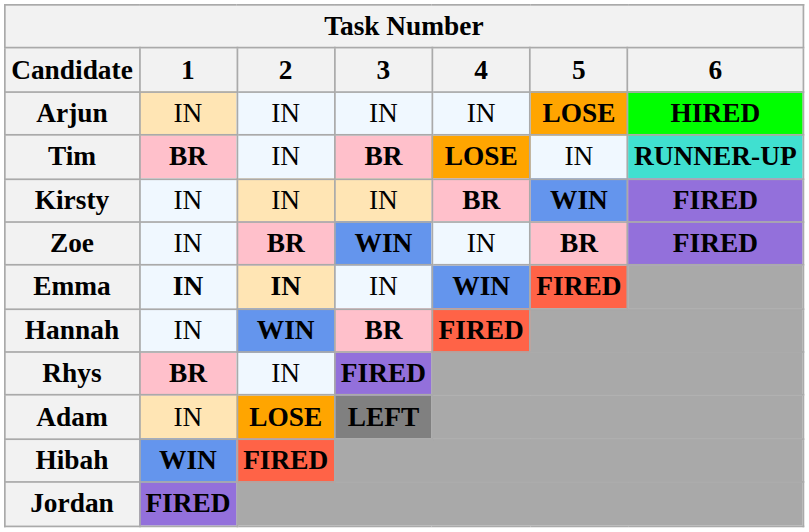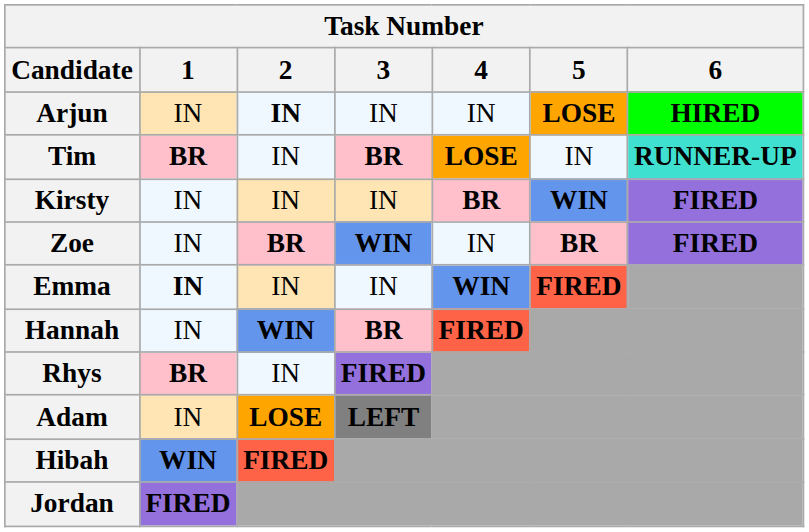 <table class="wikitable" style="text-align:center">
 <tr>
 <th colspan="14">Task Number</th>
 </tr>
 <tr>
 <th>Candidate</th>
 <th>1</th>
 <th>2</th>
 <th>3</th>
 <th>4</th>
 <th>5</th>
 <th>6</th>
 </tr>
 <tr>
 <th>Arjun</th>
 <td bgcolor="#FFE5B4">IN</td>
-<td bgcolor="#F0F8FF">IN</td>
+<td bgcolor="#F0F8FF"><strong>IN</strong></td>
 <td bgcolor="#F0F8FF">IN</td>
 <td bgcolor="#F0F8FF">IN</td>
 <td bgcolor="orange"><strong>LOSE</strong></td>
 <td bgcolor="lime"><strong>HIRED</strong></td>
 </tr>
 <tr>
 <th>Tim</th>
 <td bgcolor="pink"><strong>BR</strong></td>
 <td bgcolor="#F0F8FF">IN</td>
 <td bgcolor="pink"><strong>BR</strong></td>
 <td bgcolor="orange"><strong>LOSE</strong></td>
 <td bgcolor="#F0F8FF">IN</td>
 <td bgcolor="turquoise"><strong>RUNNER-UP</strong></td>
 </tr>
 <tr>
 <th>Kirsty</th>
 <td bgcolor="#F0F8FF">IN</td>
 <td bgcolor="#FFE5B4">IN</td>
 <td bgcolor="#FFE5B4">IN</td>
 <td bgcolor="pink"><strong>BR</strong></td>
 <td bgcolor="cornflowerblue"><strong>WIN</strong></td>
 <td bgcolor="#9370DB"><strong>FIRED</strong></td>
 </tr>
 <tr>
 <th>Zoe</th>
 <td bgcolor="#F0F8FF">IN</td>
 <td bgcolor="pink"><strong>BR</strong></td>
 <td bgcolor="cornflowerblue"><strong>WIN</strong></td>
 <td bgcolor="#F0F8FF">IN</td>
 <td bgcolor="pink"><strong>BR</strong></td>
 <td bgcolor="#9370DB"><strong>FIRED</strong></td>
 </tr>
 <tr>
 <th>Emma</th>
 <td bgcolor="#F0F8FF"><strong>IN</strong></td>
-<td bgcolor="#FFE5B4"><strong>IN</strong></td>
+<td bgcolor="#FFE5B4">IN</td>
 <td bgcolor="#F0F8FF">IN</td>
 <td bgcolor="cornflowerblue"><strong>WIN</strong></td>
 <td bgcolor="tomato"><strong>FIRED</strong></td>
 <td colspan="1" bgcolor=darkgray></td>
 </tr>
 <tr>
 <th>Hannah</th>
 <td bgcolor="#F0F8FF">IN</td>
 <td bgcolor="cornflowerblue"><strong>WIN</strong></td>
 <td bgcolor="pink"><strong>BR</strong></td>
 <td bgcolor="tomato"><strong>FIRED</strong></td>
 <td colspan="2" bgcolor="darkgray"></td>
 </tr>
 <tr>
 <th>Rhys</th>
 <td bgcolor="pink"><strong>BR</strong></td>
 <td bgcolor="#F0F8FF">IN</td>
 <td bgcolor="#9370DB"><strong>FIRED</strong></td>
 <td colspan="3" bgcolor="darkgray"></td>
 </tr>
 <tr>
 <th>Adam</th>
 <td bgcolor="#FFE5B4">IN</td>
 <td bgcolor="orange"><strong>LOSE</strong></td>
 <td bgcolor="grey"><strong>LEFT</strong></td>
 <td colspan="3" bgcolor="darkgrey"></td>
 </tr>
 <tr>
 <th>Hibah</th>
 <td bgcolor="cornflowerblue"><strong>WIN</strong></td>
 <td bgcolor="tomato"><strong>FIRED</strong></td>
 <td colspan="4" bgcolor="darkgrey"></td>
 </tr>
 <tr>
 <th>Jordan</th>
 <td bgcolor="#9370DB"><strong>FIRED</strong></td>
 <td colspan="5" bgcolor="darkgrey"></td>
 </tr>
 </table>
